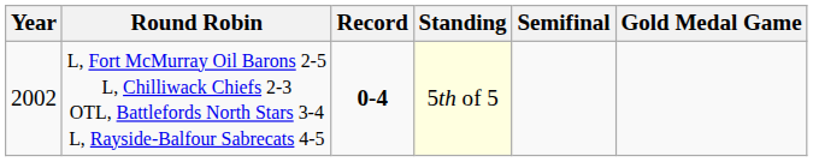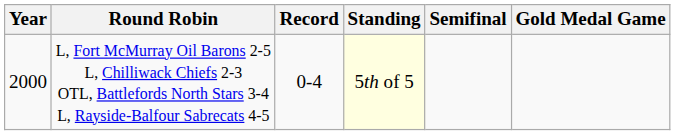 <table class="wikitable" style="text-align:center;">
 <tr>
 <th>Year</th>
 <th>Round Robin</th>
 <th>Record</th>
 <th>Standing</th>
 <th>Semifinal</th>
 <th>Gold Medal Game</th>
 </tr>
 <tr>
-<td>2002</td>
+<td>2000</td>
 <td><small>L, <a href='#'>Fort McMurray Oil Barons</a> 2-5<br>L, <a href='#'>Chilliwack Chiefs</a> 2-3<br>OTL, <a href='#'>Battlefords North Stars</a> 3-4<br>L, <a href='#'>Rayside-Balfour Sabrecats</a> 4-5</small></td>
-<td><strong>0-4</strong></td>
+<td>0-4</td>
 <td style="background: lightyellow;">5<em>th</em> of 5</td>
 <td></td>
 </tr>
 </table>
